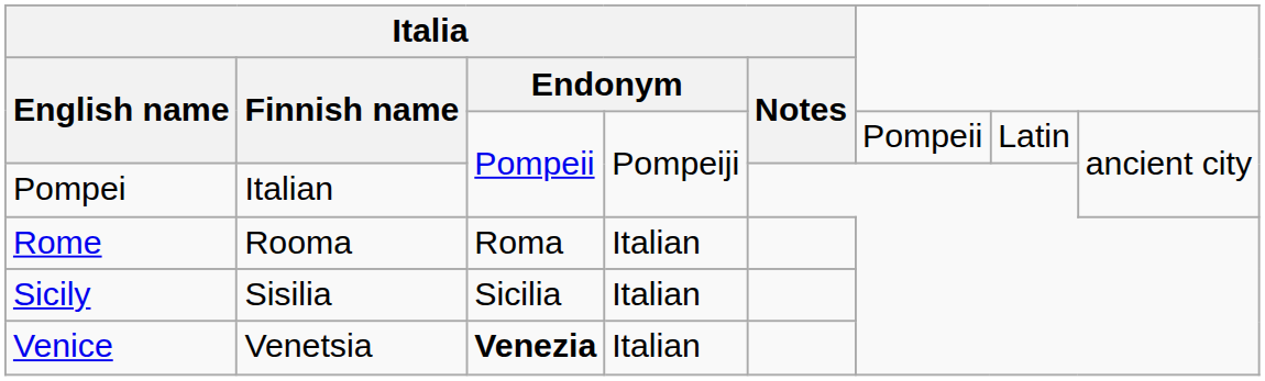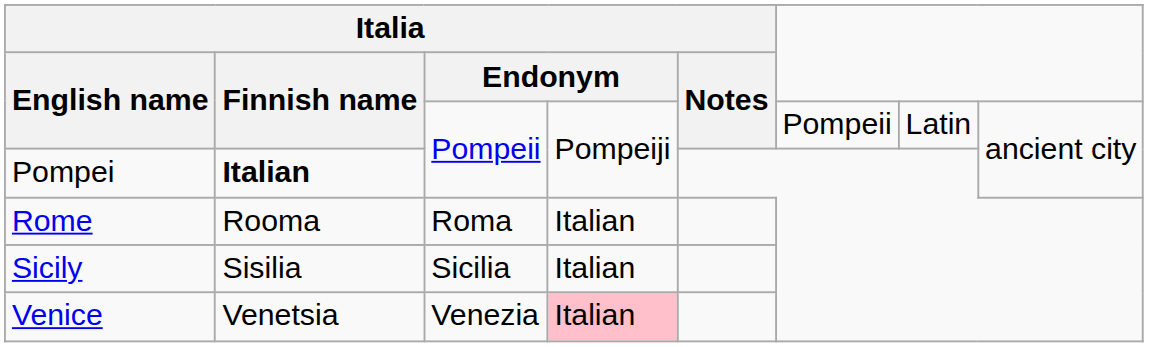 <table class="wikitable sortable">
 <tr>
 <th colspan="5"> Italia</th>
 </tr>
 <tr>
 <th rowspan="2">English name</th>
 <th rowspan="2">Finnish name</th>
 <th colspan="2">Endonym</th>
 <th rowspan="2">Notes</th>
 </tr>
 <tr>
 <td rowspan="2"><a href='#'>Pompeii</a></td>
 <td rowspan="2">Pompeiji</td>
 <td>Pompeii</td>
 <td>Latin</td>
 <td rowspan="2">ancient city</td>
 </tr>
 <tr>
 <td>Pompei</td>
-<td>Italian</td>
+<td><strong>Italian</strong></td>
 </tr>
 <tr>
 <td><a href='#'>Rome</a></td>
 <td>Rooma</td>
 <td>Roma</td>
 <td>Italian</td>
 <td></td>
 </tr>
 <tr>
 <td><a href='#'>Sicily</a></td>
 <td>Sisilia</td>
 <td>Sicilia</td>
 <td>Italian</td>
 <td></td>
 </tr>
 <tr>
 <td><a href='#'>Venice</a></td>
 <td>Venetsia</td>
-<td><strong>Venezia</strong></td>
-<td>Italian</td>
+<td>Venezia</td>
+<td style="background: pink;">Italian</td>
 <td></td>
 </tr>
 </table>
